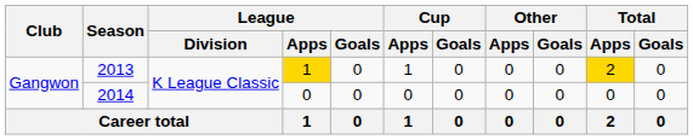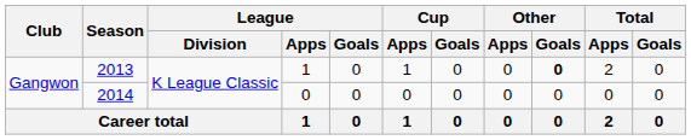 <table class="wikitable" style="text-align: center">
 <tr>
 <th rowspan="2">Club</th>
 <th rowspan="2">Season</th>
 <th colspan="3">League</th>
 <th colspan="2">Cup</th>
 <th colspan="2">Other</th>
 <th colspan="2">Total</th>
 </tr>
 <tr>
 <th>Division</th>
 <th>Apps</th>
 <th>Goals</th>
 <th>Apps</th>
 <th>Goals</th>
 <th>Apps</th>
 <th>Goals</th>
 <th>Apps</th>
 <th>Goals</th>
 </tr>
 <tr>
 <td rowspan="2"><a href='#'>Gangwon</a></td>
 <td><a href='#'>2013</a></td>
 <td rowspan="2"><a href='#'>K League Classic</a></td>
-<td style="background: gold;">1</td>
+<td>1</td>
 <td>0</td>
 <td>1</td>
 <td>0</td>
 <td>0</td>
-<td>0</td>
-<td style="background: gold;">2</td>
+<td><strong>0</strong></td>
+<td>2</td>
 <td>0</td>
 </tr>
 <tr>
 <td><a href='#'>2014</a></td>
 <td>0</td>
 <td>0</td>
 <td>0</td>
 <td>0</td>
 <td>0</td>
 <td>0</td>
 <td>0</td>
 <td>0</td>
 </tr>
 <tr>
 <th colspan=3>Career total</th>
 <th>1</th>
 <th>0</th>
 <th>1</th>
 <th>0</th>
 <th>0</th>
 <th>0</th>
 <th>2</th>
 <th>0</th>
 </tr>
 </table>
